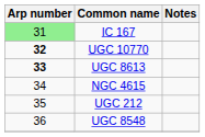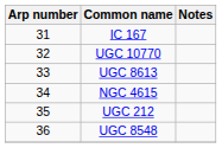 <table class="wikitable" style="text-align:center;">
 <tr>
 <th>Arp number</th>
 <th>Common name</th>
 <th>Notes</th>
 </tr>
 <tr>
-<td style="background: lightgreen;">31</td>
+<td>31</td>
 <td><a href='#'>IC 167</a></td>
 <td></td>
 </tr>
 <tr>
-<td><strong>32</strong></td>
+<td>32</td>
 <td><a href='#'>UGC 10770</a></td>
 <td></td>
 </tr>
 <tr>
-<td><strong>33</strong></td>
+<td>33</td>
 <td><a href='#'>UGC 8613</a></td>
 <td></td>
 </tr>
 <tr>
 <td>34</td>
 <td><a href='#'>NGC 4615</a></td>
 <td></td>
 </tr>
 <tr>
 <td>35</td>
 <td><a href='#'>UGC 212</a></td>
 <td></td>
 </tr>
 <tr>
 <td>36</td>
 <td><a href='#'>UGC 8548</a></td>
 <td></td>
 </tr>
 <tr>
 </tr>
 </table>
